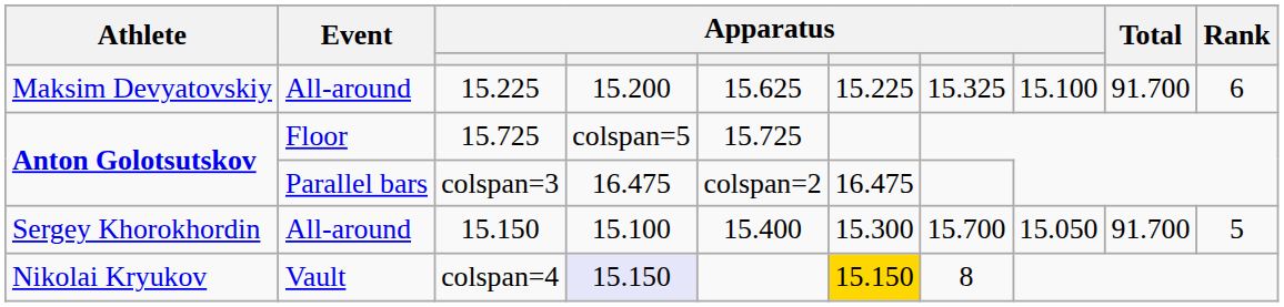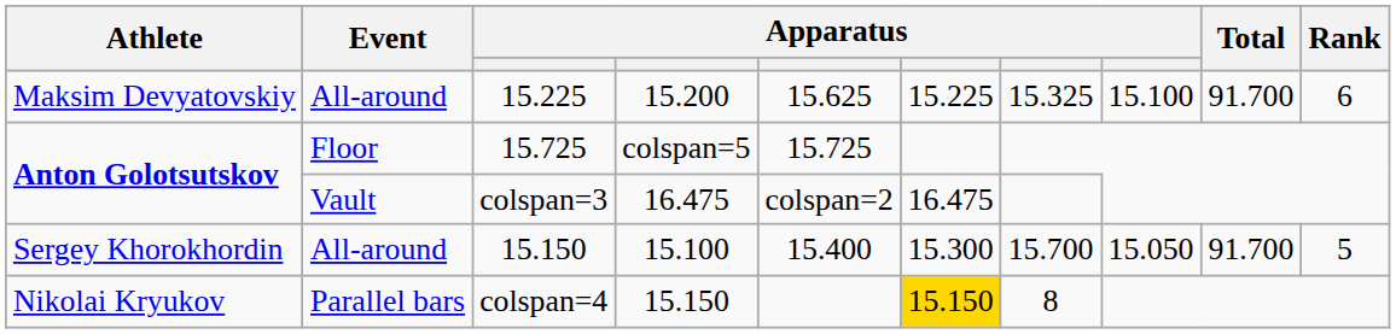 <table class="wikitable" style="font-size:90%">
 <tr>
 <th rowspan=2>Athlete</th>
 <th rowspan=2>Event</th>
 <th colspan =6>Apparatus</th>
 <th rowspan=2>Total</th>
 <th rowspan=2>Rank</th>
 </tr>
 <tr style="font-size:95%">
 <th></th>
 <th></th>
 <th></th>
 <th></th>
 <th></th>
 <th></th>
 </tr>
 <tr align=center>
 <td align=left><a href='#'>Maksim Devyatovskiy</a></td>
 <td align=left><a href='#'>All-around</a></td>
 <td>15.225</td>
 <td>15.200</td>
 <td>15.625</td>
 <td>15.225</td>
 <td>15.325</td>
 <td>15.100</td>
 <td>91.700</td>
 <td>6</td>
 </tr>
 <tr align=center>
 <td align=left rowspan=2><strong><a href='#'>Anton Golotsutskov</a></strong></td>
 <td align=left><a href='#'>Floor</a></td>
 <td>15.725</td>
 <td>colspan=5 </td>
 <td>15.725</td>
 <td></td>
 </tr>
 <tr align=center>
-<td align=left><a href='#'>Parallel bars</a></td>
+<td align=left><a href='#'>Vault</a></td>
 <td>colspan=3 </td>
 <td>16.475</td>
 <td>colspan=2 </td>
 <td>16.475</td>
 <td></td>
 </tr>
 <tr align=center>
 <td align=left><a href='#'>Sergey Khorokhordin</a></td>
 <td align=left><a href='#'>All-around</a></td>
 <td>15.150</td>
 <td>15.100</td>
 <td>15.400</td>
 <td>15.300</td>
 <td>15.700</td>
 <td>15.050</td>
 <td>91.700</td>
 <td>5</td>
 </tr>
 <tr align=center>
 <td align=left><a href='#'>Nikolai Kryukov</a></td>
-<td align=left><a href='#'>Vault</a></td>
+<td align=left><a href='#'>Parallel bars</a></td>
 <td>colspan=4 </td>
-<td style="background: lavender;">15.150</td>
+<td>15.150</td>
 <td></td>
 <td style="background: gold;">15.150</td>
 <td>8</td>
 </tr>
 </table>
